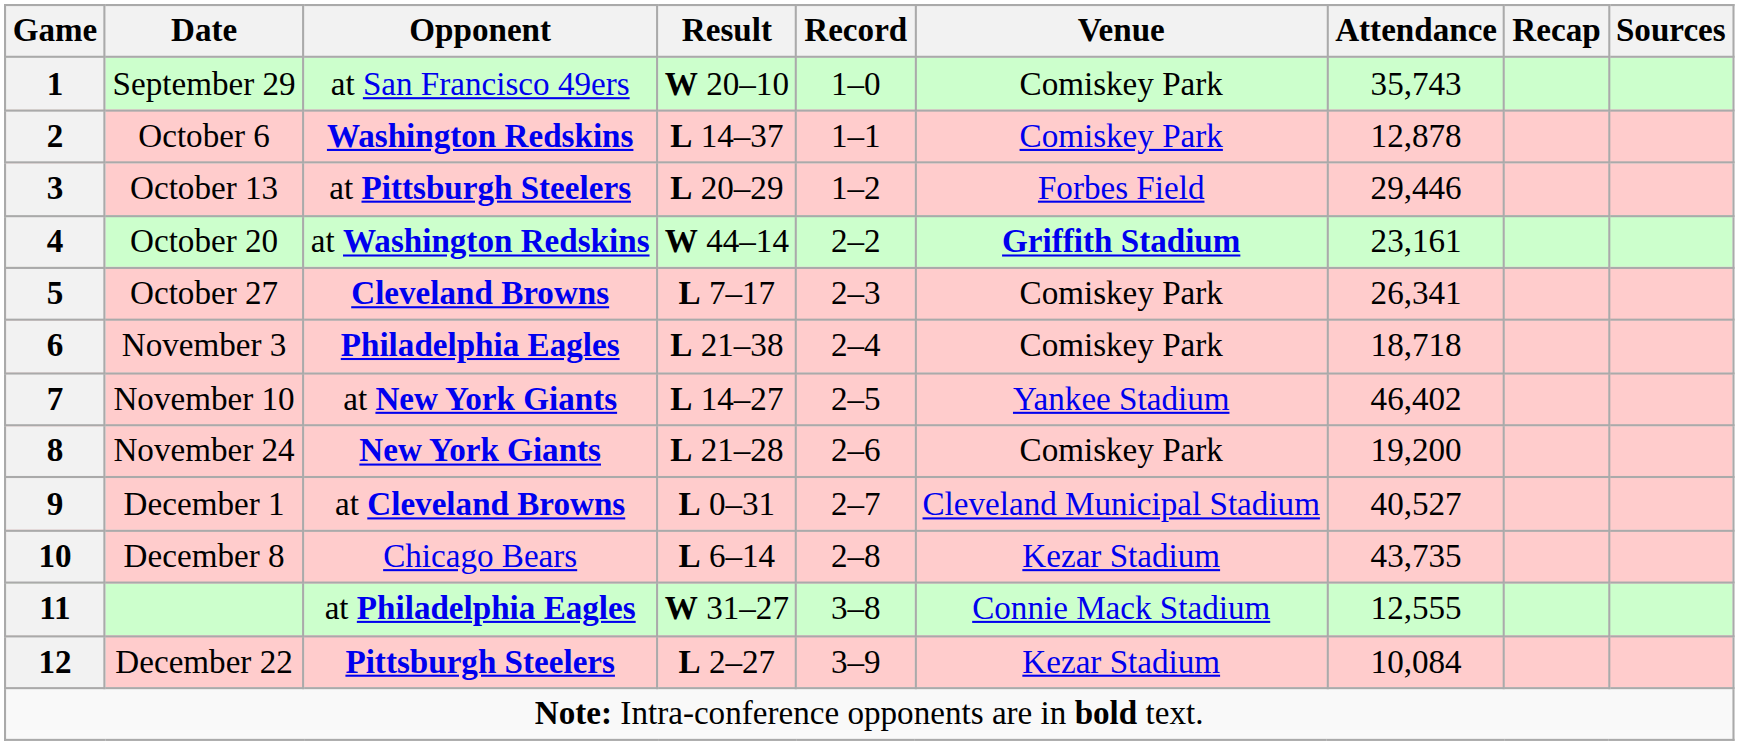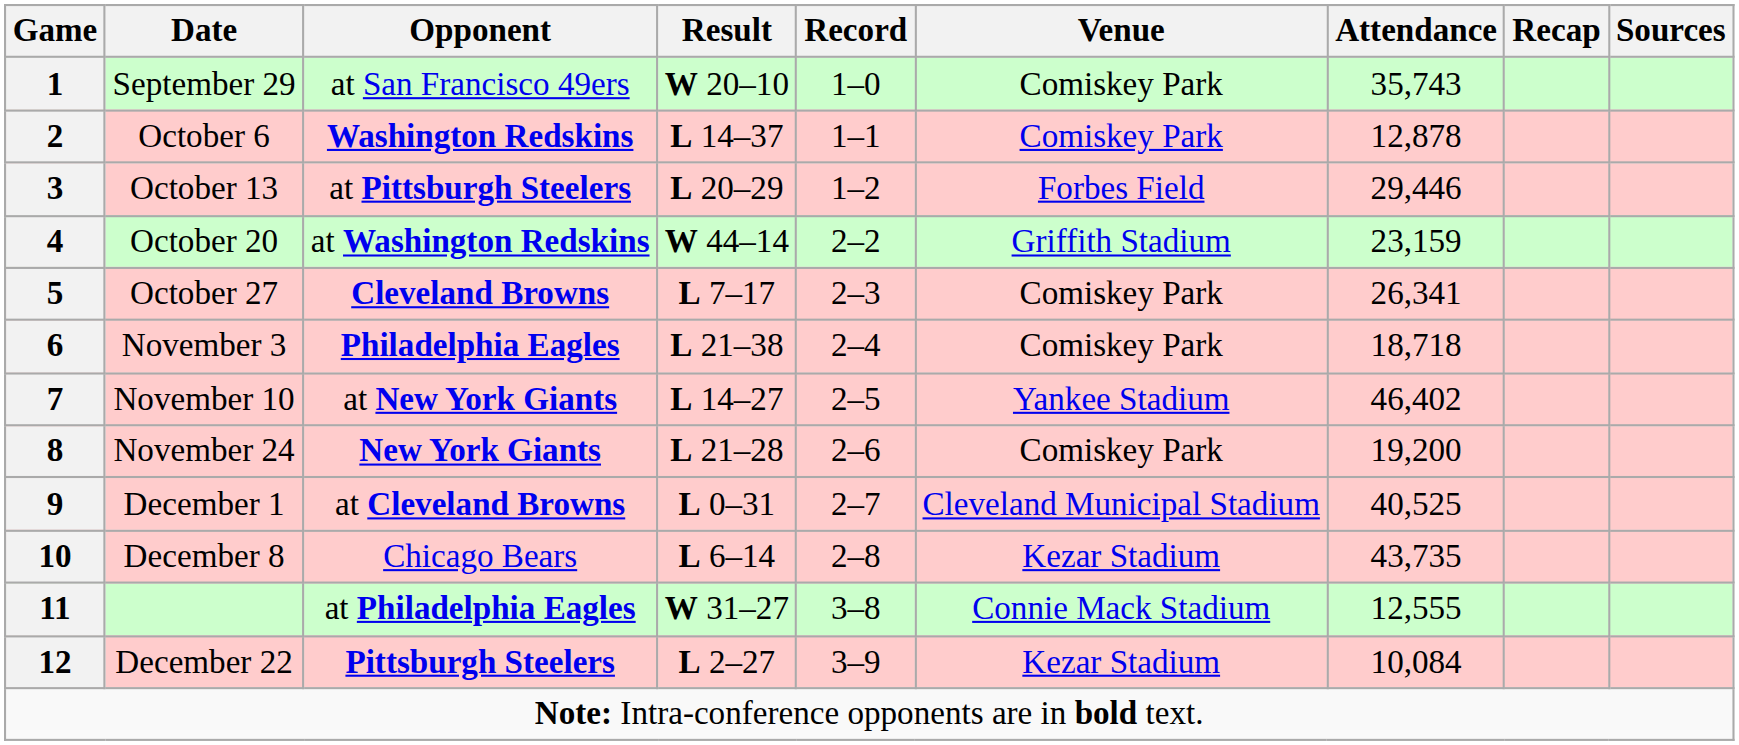 <table class="wikitable" style="text-align:center">
 <tr>
 <th>Game</th>
 <th>Date</th>
 <th>Opponent</th>
 <th>Result</th>
 <th>Record</th>
 <th>Venue</th>
 <th>Attendance</th>
 <th>Recap</th>
 <th>Sources</th>
 </tr>
 <tr style="background:#cfc">
 <th>1</th>
 <td>September 29</td>
 <td>at <a href='#'>San Francisco 49ers</a></td>
 <td><strong>W</strong> 20–10</td>
 <td>1–0</td>
 <td>Comiskey Park</td>
 <td>35,743</td>
 <td></td>
 <td></td>
 </tr>
 <tr style="background:#fcc">
 <th>2</th>
 <td>October 6</td>
 <td><strong><a href='#'>Washington Redskins</a></strong></td>
 <td><strong>L</strong> 14–37</td>
 <td>1–1</td>
 <td><a href='#'>Comiskey Park</a></td>
 <td>12,878</td>
 <td></td>
 <td></td>
 </tr>
 <tr style="background:#fcc">
 <th>3</th>
 <td>October 13</td>
 <td>at <strong><a href='#'>Pittsburgh Steelers</a></strong></td>
 <td><strong>L</strong> 20–29</td>
 <td>1–2</td>
 <td><a href='#'>Forbes Field</a></td>
 <td>29,446</td>
 <td></td>
 <td></td>
 </tr>
 <tr style="background:#cfc">
 <th>4</th>
 <td>October 20</td>
 <td>at <strong><a href='#'>Washington Redskins</a></strong></td>
 <td><strong>W</strong> 44–14</td>
 <td>2–2</td>
-<td><strong><a href='#'>Griffith Stadium</a></strong></td>
-<td>23,161</td>
+<td><a href='#'>Griffith Stadium</a></td>
+<td>23,159</td>
 <td></td>
 <td></td>
 </tr>
 <tr style="background:#fcc">
 <th>5</th>
 <td>October 27</td>
 <td><strong><a href='#'>Cleveland Browns</a></strong></td>
 <td><strong>L</strong> 7–17</td>
 <td>2–3</td>
 <td>Comiskey Park</td>
 <td>26,341</td>
 <td></td>
 <td></td>
 </tr>
 <tr style="background:#fcc">
 <th>6</th>
 <td>November 3</td>
 <td><strong><a href='#'>Philadelphia Eagles</a></strong></td>
 <td><strong>L</strong> 21–38</td>
 <td>2–4</td>
 <td>Comiskey Park</td>
 <td>18,718</td>
 <td></td>
 <td></td>
 </tr>
 <tr style="background:#fcc">
 <th>7</th>
 <td>November 10</td>
 <td>at <strong><a href='#'>New York Giants</a></strong></td>
 <td><strong>L</strong> 14–27</td>
 <td>2–5</td>
 <td><a href='#'>Yankee Stadium</a></td>
 <td>46,402</td>
 <td></td>
 <td></td>
 </tr>
 <tr style="background:#fcc">
 <th>8</th>
 <td>November 24</td>
 <td><strong><a href='#'>New York Giants</a></strong></td>
 <td><strong>L</strong> 21–28</td>
 <td>2–6</td>
 <td>Comiskey Park</td>
 <td>19,200</td>
 <td></td>
 <td></td>
 </tr>
 <tr style="background:#fcc">
 <th>9</th>
 <td>December 1</td>
 <td>at <strong><a href='#'>Cleveland Browns</a></strong></td>
 <td><strong>L</strong> 0–31</td>
 <td>2–7</td>
 <td><a href='#'>Cleveland Municipal Stadium</a></td>
-<td>40,527</td>
+<td>40,525</td>
 <td></td>
 <td></td>
 </tr>
 <tr style="background:#fcc">
 <th>10</th>
 <td>December 8</td>
 <td><a href='#'>Chicago Bears</a></td>
 <td><strong>L</strong> 6–14</td>
 <td>2–8</td>
 <td><a href='#'>Kezar Stadium</a></td>
 <td>43,735</td>
 <td></td>
 <td></td>
 </tr>
 <tr style="background:#cfc">
 <th>11</th>
 <td></td>
 <td>at <strong><a href='#'>Philadelphia Eagles</a></strong></td>
 <td><strong>W</strong> 31–27</td>
 <td>3–8</td>
 <td><a href='#'>Connie Mack Stadium</a></td>
 <td>12,555</td>
 <td></td>
 <td></td>
 </tr>
 <tr style="background:#fcc">
 <th>12</th>
 <td>December 22</td>
 <td><strong><a href='#'>Pittsburgh Steelers</a></strong></td>
 <td><strong>L</strong> 2–27</td>
 <td>3–9</td>
 <td><a href='#'>Kezar Stadium</a></td>
 <td>10,084</td>
 <td></td>
 <td></td>
 </tr>
 <tr>
 <td colspan="9"><strong>Note:</strong> Intra-conference opponents are in <strong>bold</strong> text.</td>
 </tr>
 </table>
